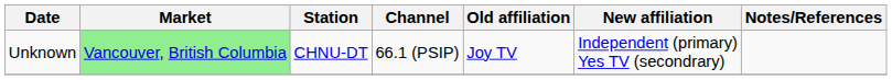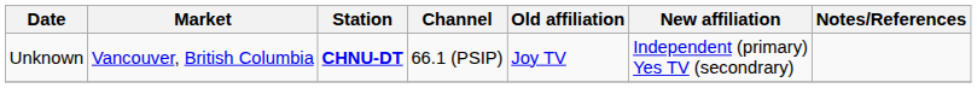 <table class="wikitable">
 <tr>
 <th>Date</th>
 <th>Market</th>
 <th>Station</th>
 <th>Channel</th>
 <th>Old affiliation</th>
 <th>New affiliation</th>
 <th>Notes/References</th>
 </tr>
 <tr>
 <td>Unknown</td>
-<td style="background: lightgreen;"><a href='#'>Vancouver</a>, <a href='#'>British Columbia</a></td>
-<td><a href='#'>CHNU-DT</a></td>
+<td><a href='#'>Vancouver</a>, <a href='#'>British Columbia</a></td>
+<td><strong><a href='#'>CHNU-DT</a></strong></td>
 <td>66.1 (PSIP)</td>
 <td><a href='#'>Joy TV</a></td>
 <td><a href='#'>Independent</a> (primary) <br> <a href='#'>Yes TV</a> (secondrary)</td>
 <td></td>
 </tr>
 <tr>
 </tr>
 </table>
